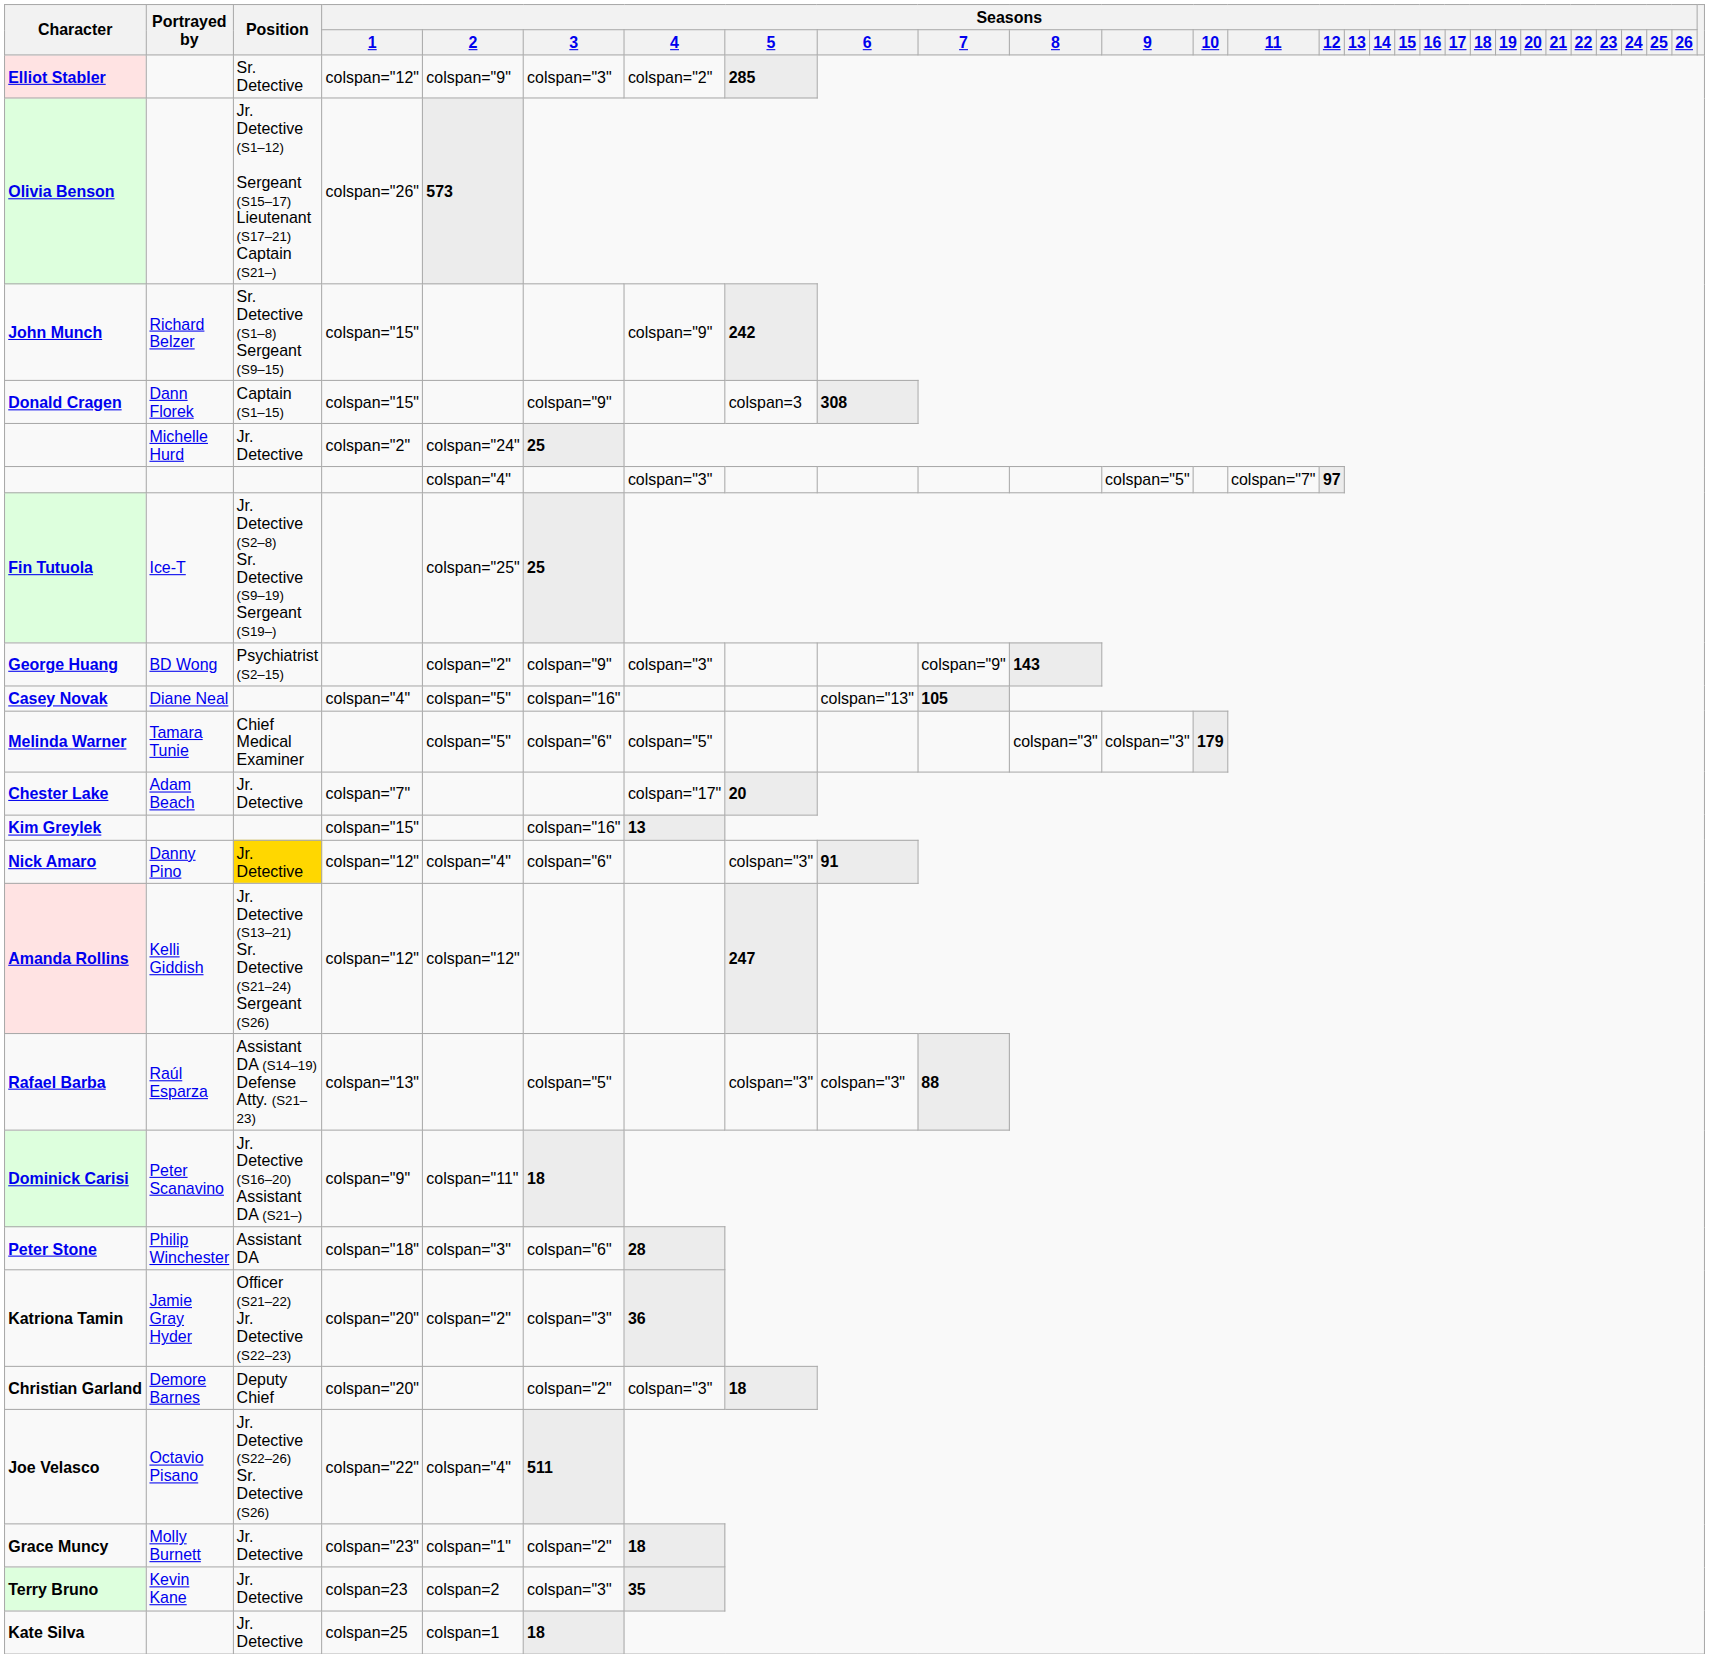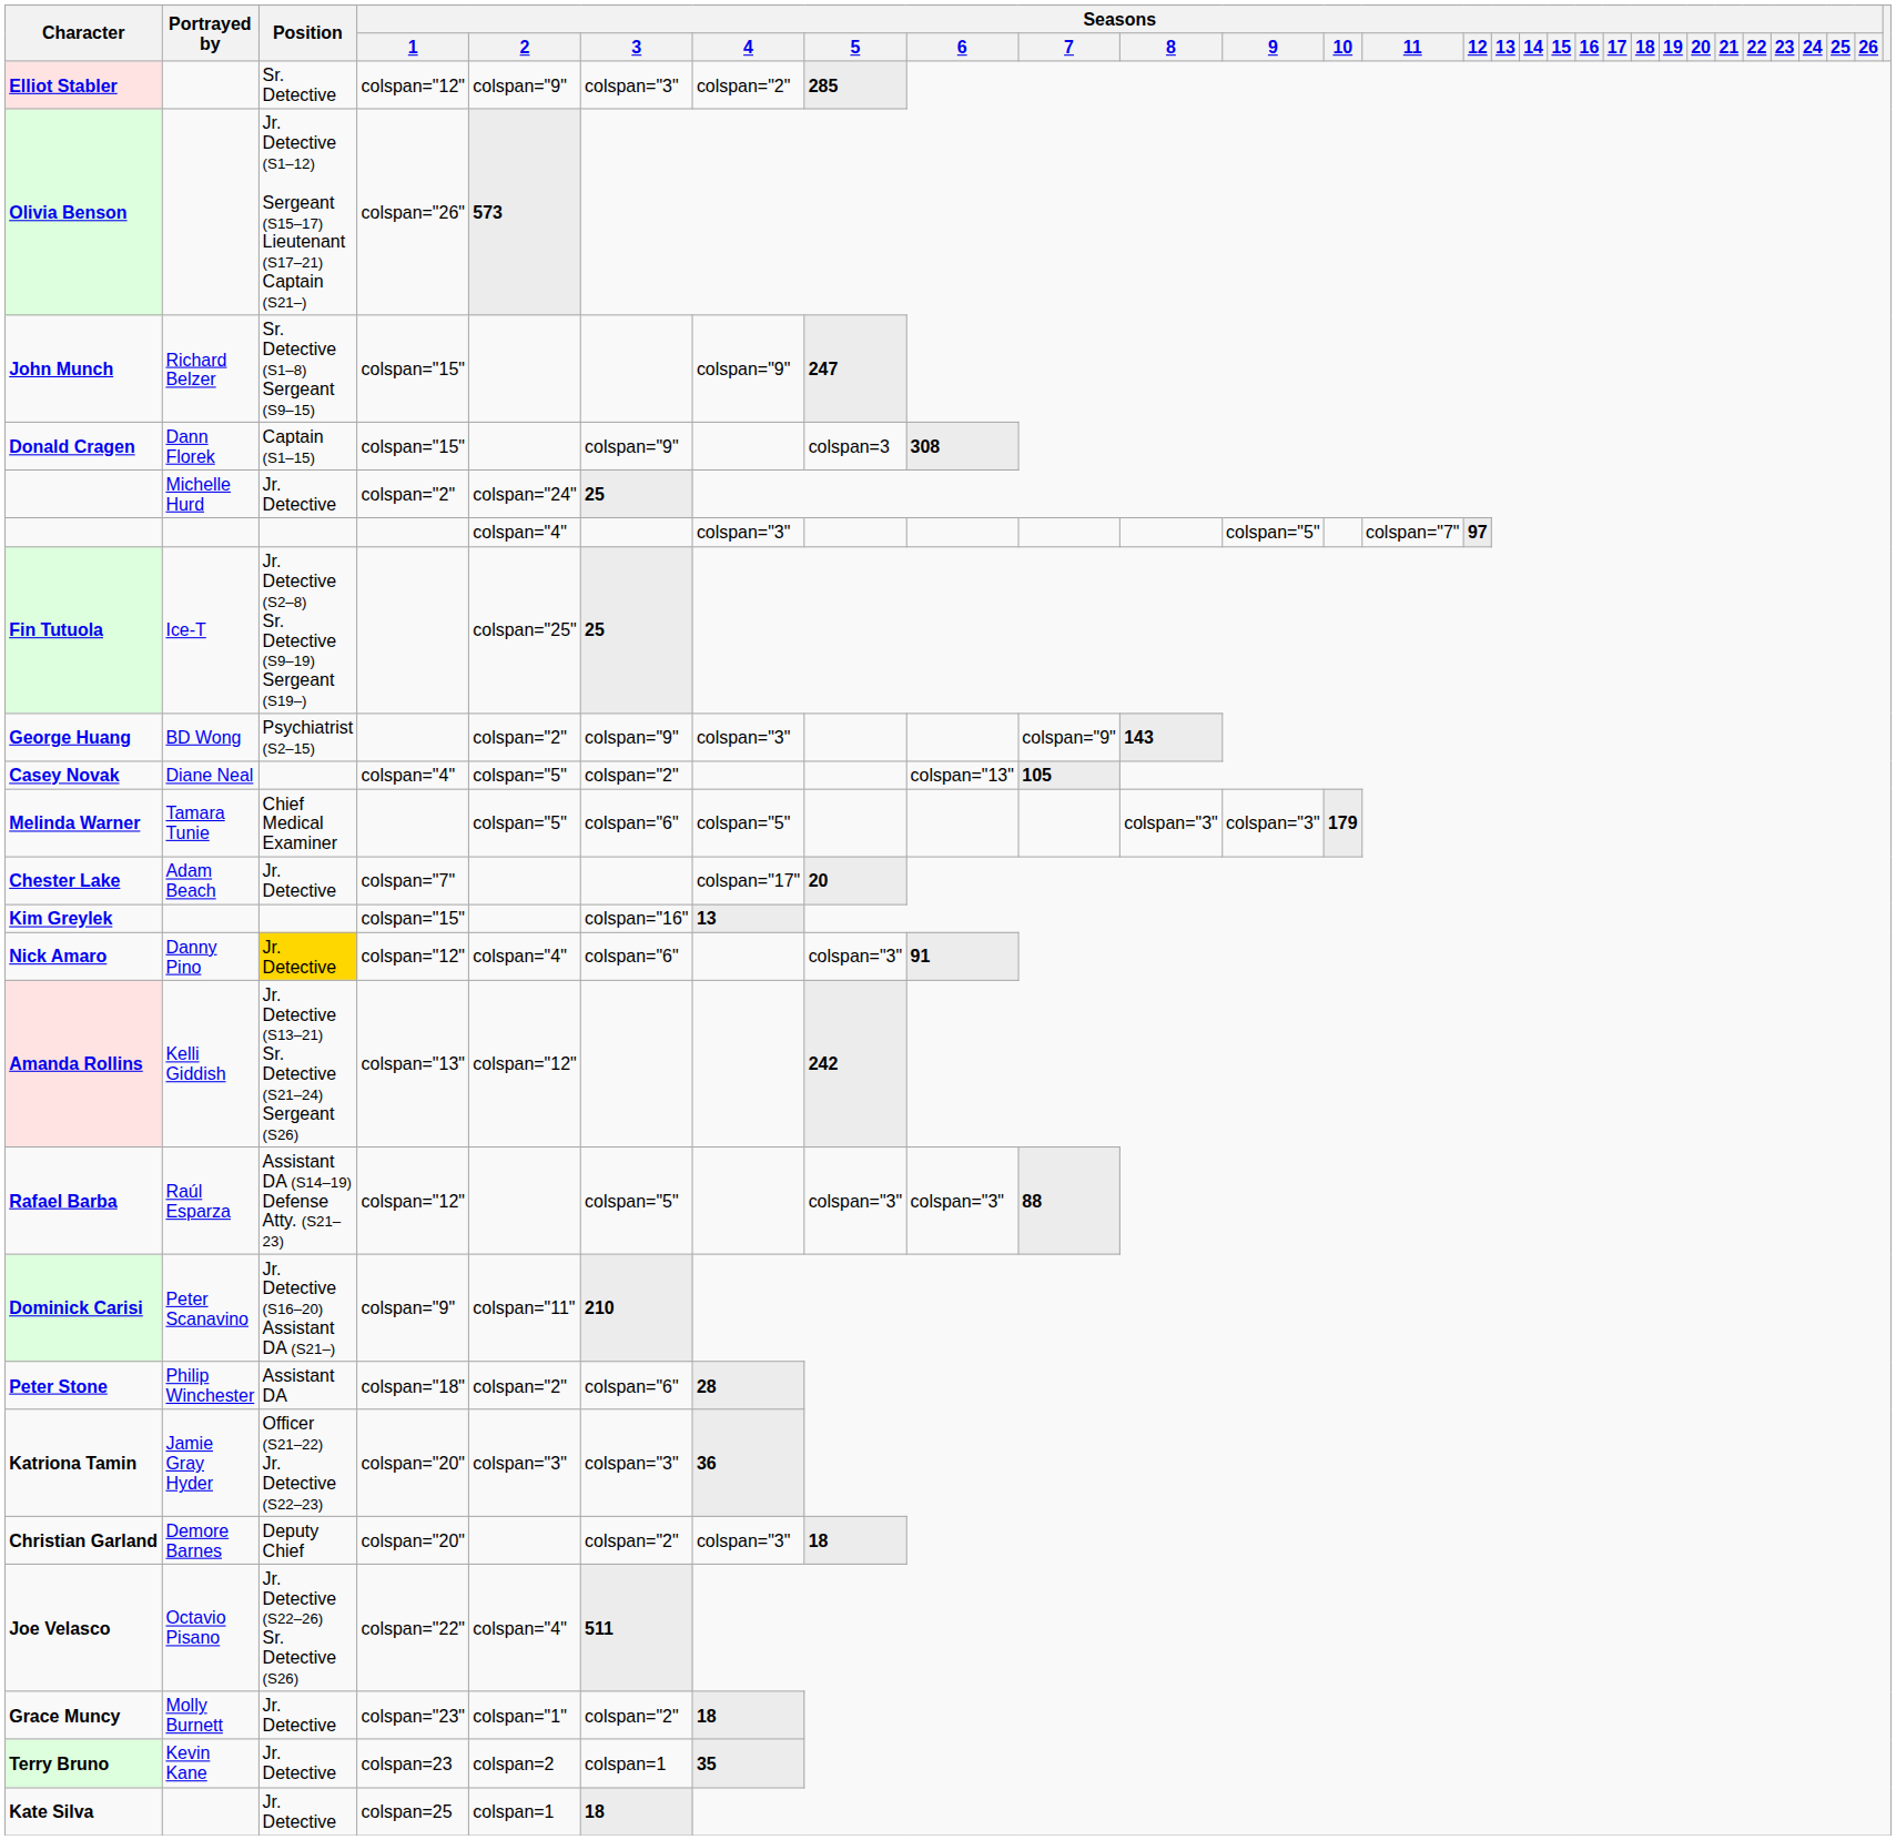 <table class="wikitable sortable" style="font-size:95%;">
 <tr>
 <th class="unsortable" rowspan="2">Character</th>
 <th class="unsortable" rowspan="2">Portrayed by</th>
 <th class="unsortable" rowspan="2">Position</th>
 <th rowspan="1" colspan="26">Seasons</th>
 <th rowspan="2" style="width:5%;"></th>
 </tr>
 <tr>
 <th ! class="unsortable" style="width:2.5%;"><a href='#'>1</a></th>
 <th class="unsortable" style="width:2.5%;"><a href='#'>2</a></th>
 <th class="unsortable" style="width:2.5%;"><a href='#'>3</a></th>
 <th class="unsortable" style="width:2.5%;"><a href='#'>4</a></th>
 <th class="unsortable" style="width:2.5%;"><a href='#'>5</a></th>
 <th class="unsortable" style="width:2.5%;"><a href='#'>6</a></th>
 <th class="unsortable" style="width:2.5%;"><a href='#'>7</a></th>
 <th class="unsortable" style="width:2.5%;"><a href='#'>8</a></th>
 <th class="unsortable" style="width:2.5%;"><a href='#'>9</a></th>
 <th class="unsortable" style="width:2.5%;"><a href='#'>10</a></th>
 <th class="unsortable" style="width:2.5%;"><a href='#'>11</a></th>
 <th class="unsortable" style="width:2.5%;"><a href='#'>12</a></th>
 <th class="unsortable" style="width:2.5%;"><a href='#'>13</a></th>
 <th class="unsortable" style="width:2.5%;"><a href='#'>14</a></th>
 <th class="unsortable" style="width:2.5%;"><a href='#'>15</a></th>
 <th class="unsortable" style="width:2.5%;"><a href='#'>16</a></th>
 <th class="unsortable" style="width:2.5%;"><a href='#'>17</a></th>
 <th class="unsortable" style="width:2.5%;"><a href='#'>18</a></th>
 <th class="unsortable" style="width:2.5%;"><a href='#'>19</a></th>
 <th class="unsortable" style="width:2.5%;"><a href='#'>20</a></th>
 <th class="unsortable" style="width:2.5%;"><a href='#'>21</a></th>
 <th class="unsortable" style="width:2.5%;"><a href='#'>22</a></th>
 <th class="unsortable" style="width:2.5%;"><a href='#'>23</a></th>
 <th class="unsortable" style="width:2.5%;"><a href='#'>24</a></th>
 <th class="unsortable" style="width:2.5%;"><a href='#'>25</a></th>
 <th class="unsortable" style="width:2.5%;"><a href='#'>26</a></th>
 </tr>
 <tr>
 <td style="background: #ffe3e3"><strong><a href='#'>Elliot Stabler</a></strong></td>
 <td></td>
 <td>Sr. Detective</td>
 <td>colspan="12" </td>
 <td>colspan="9" </td>
 <td>colspan="3" </td>
 <td>colspan="2" </td>
 <td style="background:#ececec;"><strong>285</strong></td>
 </tr>
 <tr>
 <td style="background:#dfd;"><strong><a href='#'>Olivia Benson</a></strong></td>
 <td></td>
 <td>Jr. Detective <small>(S1–12)</small><br><br>Sergeant <small>(S15–17)</small><br>Lieutenant <small>(S17–21)</small><br>Captain <small>(S21–)</small></td>
 <td>colspan="26" </td>
 <td style="background:#ececec;"><strong>573</strong></td>
 </tr>
 <tr>
 <td><strong><a href='#'>John Munch</a></strong></td>
 <td><a href='#'>Richard Belzer</a></td>
 <td>Sr. Detective <small>(S1–8)</small><br>Sergeant <small>(S9–15)</small></td>
 <td>colspan="15" </td>
 <td></td>
 <td></td>
 <td>colspan="9" </td>
-<td style="background:#ececec;"><strong>242</strong></td>
+<td style="background:#ececec;"><strong>247</strong></td>
 </tr>
 <tr>
 <td><strong><a href='#'>Donald Cragen</a></strong></td>
 <td><a href='#'>Dann Florek</a></td>
 <td>Captain <small>(S1–15)</small></td>
 <td>colspan="15" </td>
 <td></td>
 <td>colspan="9" </td>
 <td></td>
 <td>colspan=3 </td>
 <td style="background:#ececec;"><strong>308</strong></td>
 </tr>
 <tr>
 <td></td>
 <td><a href='#'>Michelle Hurd</a></td>
 <td>Jr. Detective</td>
 <td>colspan="2" </td>
 <td>colspan="24" </td>
 <td style="background:#ececec;"><strong>25</strong></td>
 </tr>
 <tr>
 <td></td>
 <td></td>
 <td></td>
 <td></td>
 <td>colspan="4" </td>
 <td></td>
 <td>colspan="3" </td>
 <td></td>
 <td></td>
 <td></td>
 <td></td>
 <td>colspan="5" </td>
 <td></td>
 <td>colspan="7" </td>
 <td style="background:#ececec;"><strong>97</strong></td>
 </tr>
 <tr>
 <td style="background:#dfd;"><strong><a href='#'>Fin Tutuola</a></strong></td>
 <td><a href='#'>Ice-T</a></td>
 <td>Jr. Detective <small>(S2–8)</small><br>Sr. Detective <small>(S9–19)</small><br>Sergeant <small>(S19–)</small></td>
 <td></td>
 <td>colspan="25" </td>
 <td style="background:#ececec;"><strong>25</strong></td>
 </tr>
 <tr>
 <td><strong><a href='#'>George Huang</a></strong></td>
 <td><a href='#'>BD Wong</a></td>
 <td>Psychiatrist <small>(S2–15)</small></td>
 <td></td>
 <td>colspan="2" </td>
 <td>colspan="9" </td>
 <td>colspan="3" </td>
 <td></td>
 <td></td>
 <td>colspan="9" </td>
 <td style="background:#ececec;"><strong>143</strong></td>
 </tr>
 <tr>
 <td><strong><a href='#'>Casey Novak</a></strong></td>
 <td><a href='#'>Diane Neal</a></td>
 <td></td>
 <td>colspan="4" </td>
 <td>colspan="5" </td>
-<td>colspan="16" </td>
+<td>colspan="2" </td>
 <td></td>
 <td></td>
 <td>colspan="13" </td>
 <td style="background:#ececec;"><strong>105</strong></td>
 </tr>
 <tr>
 <td><strong><a href='#'>Melinda Warner</a></strong></td>
 <td><a href='#'>Tamara Tunie</a></td>
 <td>Chief Medical Examiner</td>
 <td></td>
 <td>colspan="5" </td>
 <td>colspan="6" </td>
 <td>colspan="5" </td>
 <td></td>
 <td></td>
 <td></td>
 <td>colspan="3" </td>
 <td>colspan="3" </td>
 <td style="background:#ececec;"><strong>179</strong></td>
 </tr>
 <tr>
 <td><strong><a href='#'>Chester Lake</a></strong></td>
 <td><a href='#'>Adam Beach</a></td>
 <td>Jr. Detective</td>
 <td>colspan="7" </td>
 <td></td>
 <td></td>
 <td>colspan="17" </td>
 <td style="background:#ececec; color:black;"><strong>20</strong></td>
 </tr>
 <tr>
 <td><strong><a href='#'>Kim Greylek</a></strong></td>
 <td></td>
 <td></td>
 <td>colspan="15" </td>
 <td></td>
 <td>colspan="16" </td>
 <td style="background:#ececec;"><strong>13</strong></td>
 </tr>
 <tr>
 <td><strong><a href='#'>Nick Amaro</a></strong></td>
 <td><a href='#'>Danny Pino</a></td>
 <td style="background: gold;">Jr. Detective</td>
 <td>colspan="12" </td>
 <td>colspan="4" </td>
 <td>colspan="6" </td>
 <td></td>
 <td>colspan="3" </td>
 <td style="background:#ececec;"><strong>91</strong></td>
 </tr>
 <tr>
 <td style="background: #ffe3e3"><strong><a href='#'>Amanda Rollins</a></strong></td>
 <td><a href='#'>Kelli Giddish</a></td>
 <td>Jr. Detective <small>(S13–21)</small><br>Sr. Detective <small>(S21–24)</small><br>Sergeant <small>(S26)</small></td>
-<td>colspan="12" </td>
+<td>colspan="13" </td>
 <td>colspan="12" </td>
 <td></td>
 <td></td>
-<td style="background:#ececec;"><strong>247</strong></td>
+<td style="background:#ececec;"><strong>242</strong></td>
 </tr>
 <tr>
 <td><strong><a href='#'>Rafael Barba</a></strong></td>
 <td><a href='#'>Raúl Esparza</a></td>
 <td>Assistant DA <small>(S14–19)</small><br>Defense Atty. <small>(S21–23)</small></td>
-<td>colspan="13" </td>
+<td>colspan="12" </td>
 <td></td>
 <td>colspan="5" </td>
 <td></td>
 <td>colspan="3" </td>
 <td>colspan="3" </td>
 <td style="background:#ececec;"><strong>88</strong></td>
 </tr>
 <tr>
 <td style="background:#dfd; white-space:nowrap;"><strong><a href='#'>Dominick Carisi</a></strong></td>
 <td><a href='#'>Peter Scanavino</a></td>
 <td>Jr. Detective <small>(S16–20)</small><br>Assistant DA <small>(S21–)</small></td>
 <td>colspan="9" </td>
 <td>colspan="11" </td>
-<td style="background:#ececec;"><strong>18</strong></td>
+<td style="background:#ececec;"><strong>210</strong></td>
 </tr>
 <tr>
 <td style=white-space:nowrap><strong><a href='#'>Peter Stone</a></strong></td>
 <td><a href='#'>Philip Winchester</a></td>
 <td>Assistant DA</td>
 <td>colspan="18" </td>
-<td>colspan="3" </td>
+<td>colspan="2" </td>
 <td>colspan="6" </td>
 <td style="background:#ececec;"><strong>28</strong></td>
 </tr>
 <tr>
 <td style=white-space:nowrap><strong>Katriona Tamin</strong></td>
 <td><a href='#'>Jamie Gray Hyder</a></td>
 <td>Officer <small>(S21–22)</small><br>Jr. Detective <small>(S22–23)</small></td>
 <td>colspan="20" </td>
-<td>colspan="2" </td>
+<td>colspan="3" </td>
 <td>colspan="3" </td>
 <td style="background:#ececec;"><strong>36</strong></td>
 </tr>
 <tr>
 <td style=white-space:nowrap><strong>Christian Garland</strong></td>
 <td><a href='#'>Demore Barnes</a></td>
 <td>Deputy Chief</td>
 <td>colspan="20" </td>
 <td></td>
 <td>colspan="2" </td>
 <td>colspan="3" </td>
 <td style="background:#ececec;"><strong>18</strong></td>
 </tr>
 <tr>
 <td><strong>Joe Velasco</strong></td>
 <td><a href='#'>Octavio Pisano</a></td>
 <td>Jr. Detective <small>(S22–26)</small><br>Sr. Detective <small>(S26)</small></td>
 <td>colspan="22" </td>
 <td>colspan="4" </td>
 <td style="background:#ececec;"><strong>511</strong></td>
 </tr>
 <tr>
 <td style=white-space:nowrap><strong>Grace Muncy</strong></td>
 <td><a href='#'>Molly Burnett</a></td>
 <td>Jr. Detective</td>
 <td>colspan="23" </td>
 <td>colspan="1" </td>
 <td>colspan="2" </td>
 <td style="background:#ececec;"><strong>18</strong></td>
 </tr>
 <tr>
 <td style="background:#dfd;"><strong>Terry Bruno</strong></td>
 <td><a href='#'>Kevin Kane</a></td>
 <td>Jr. Detective</td>
 <td>colspan=23 </td>
 <td>colspan=2 </td>
-<td>colspan="3" </td>
+<td>colspan=1 </td>
 <td style="background:#ececec;"><strong>35</strong></td>
 </tr>
 <tr>
 <td><strong>Kate Silva</strong></td>
 <td></td>
 <td>Jr. Detective</td>
 <td>colspan=25 </td>
 <td>colspan=1 </td>
 <td style="background:#ececec;"><strong>18</strong></td>
 </tr>
 </table>
